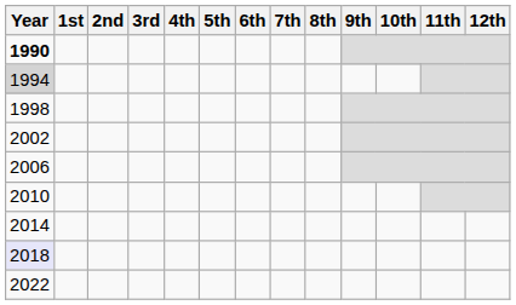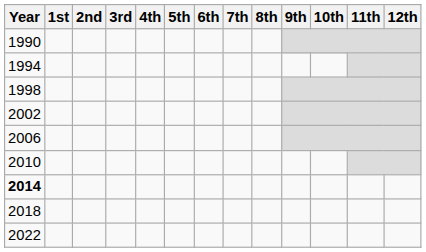 <table class="wikitable" style="text-align:left; font-size:80%">
 <tr>
 <th>Year</th>
 <th>1st</th>
 <th>2nd</th>
 <th>3rd</th>
 <th>4th</th>
 <th>5th</th>
 <th>6th</th>
 <th>7th</th>
 <th>8th</th>
 <th>9th</th>
 <th>10th</th>
 <th>11th</th>
 <th>12th</th>
 </tr>
 <tr>
-<td align="center"><strong>1990</strong></td>
+<td align="center">1990</td>
 <td></td>
 <td></td>
 <td></td>
 <td></td>
 <td></td>
 <td></td>
 <td></td>
 <td></td>
 <td colspan=4 bgcolor=#DCDCDC></td>
 </tr>
 <tr>
-<td align="center" style="background: lightgrey;">1994</td>
+<td align="center">1994</td>
 <td></td>
 <td></td>
 <td></td>
 <td></td>
 <td></td>
 <td></td>
 <td></td>
 <td></td>
 <td></td>
 <td></td>
 <td colspan=2 bgcolor=#DCDCDC></td>
 </tr>
 <tr>
 <td align="center">1998</td>
 <td></td>
 <td></td>
 <td></td>
 <td></td>
 <td></td>
 <td></td>
 <td></td>
 <td></td>
 <td colspan=4 bgcolor=#DCDCDC></td>
 </tr>
 <tr>
 <td align="center">2002</td>
 <td></td>
 <td></td>
 <td></td>
 <td></td>
 <td></td>
 <td></td>
 <td></td>
 <td></td>
 <td colspan=4 bgcolor=#DCDCDC></td>
 </tr>
 <tr>
 <td align="center">2006</td>
 <td></td>
 <td></td>
 <td></td>
 <td></td>
 <td></td>
 <td></td>
 <td></td>
 <td></td>
 <td colspan=4 bgcolor=#DCDCDC></td>
 </tr>
 <tr>
 <td align="center">2010</td>
 <td></td>
 <td></td>
 <td></td>
 <td></td>
 <td></td>
 <td></td>
 <td></td>
 <td></td>
 <td></td>
 <td></td>
 <td colspan=4 bgcolor=#DCDCDC></td>
 </tr>
 <tr>
-<td align="center">2014</td>
+<td align="center"><strong>2014</strong></td>
 <td></td>
 <td></td>
 <td></td>
 <td></td>
 <td></td>
 <td></td>
 <td></td>
 <td></td>
 <td></td>
 <td></td>
 <td></td>
 <td></td>
 </tr>
 <tr>
-<td align="center" style="background: lavender;">2018</td>
+<td align="center">2018</td>
 <td></td>
 <td></td>
 <td></td>
 <td></td>
 <td></td>
 <td></td>
 <td></td>
 <td></td>
 <td></td>
 <td></td>
 <td></td>
 <td></td>
 </tr>
 <tr>
 <td align="center">2022</td>
 <td></td>
 <td></td>
 <td></td>
 <td></td>
 <td></td>
 <td></td>
 <td></td>
 <td></td>
 <td></td>
 <td></td>
 <td></td>
 <td></td>
 </tr>
 </table>
